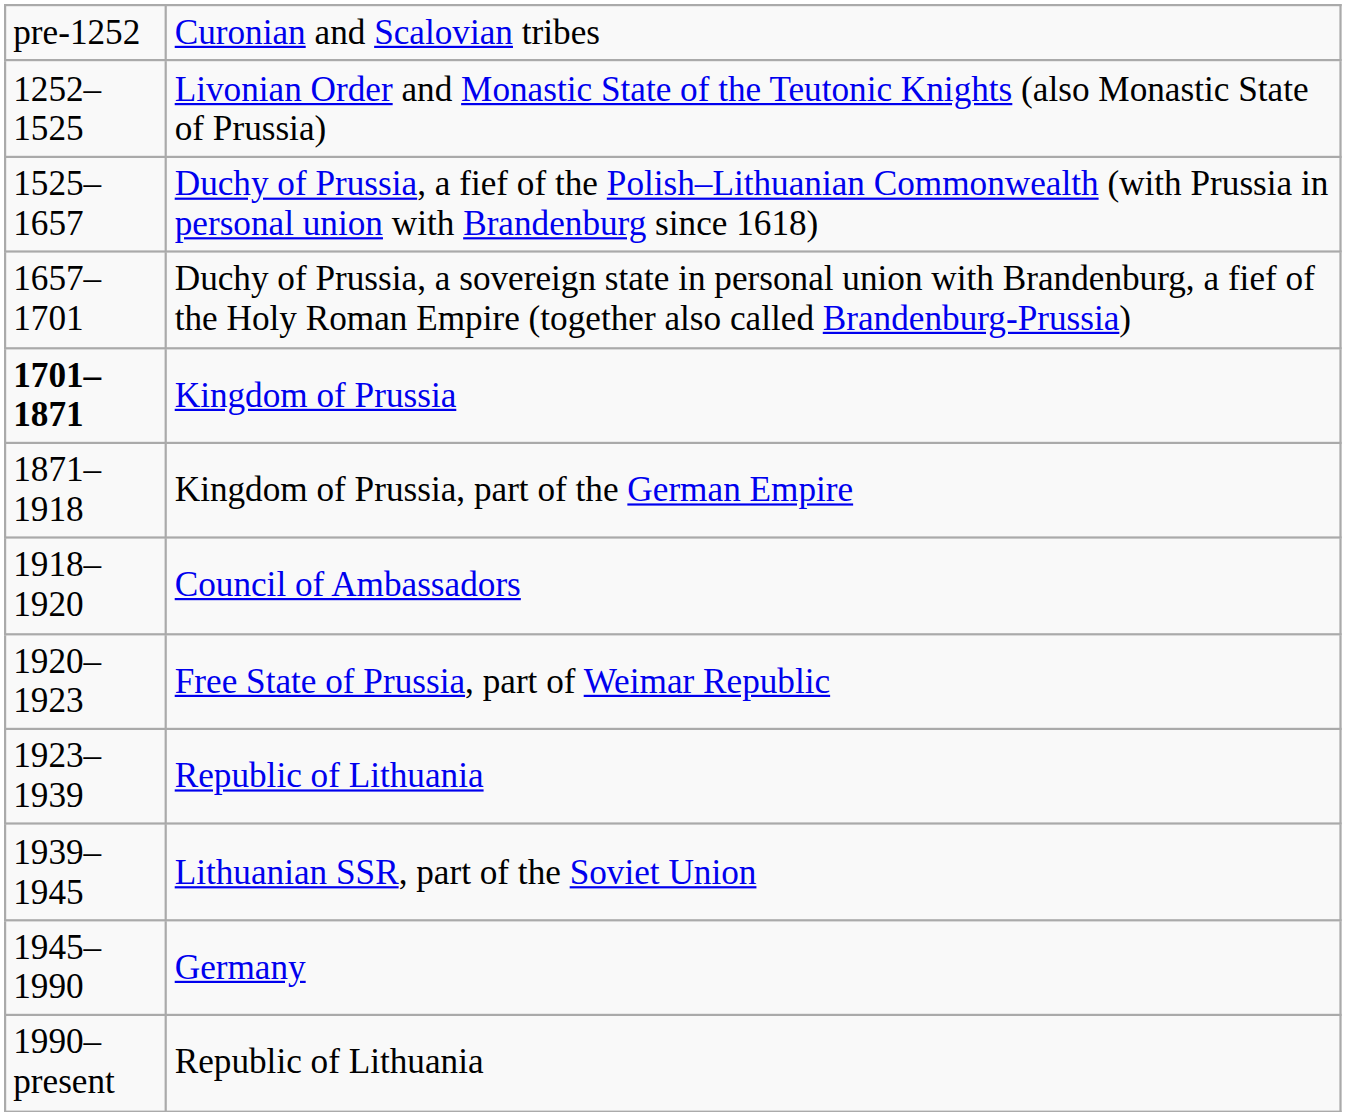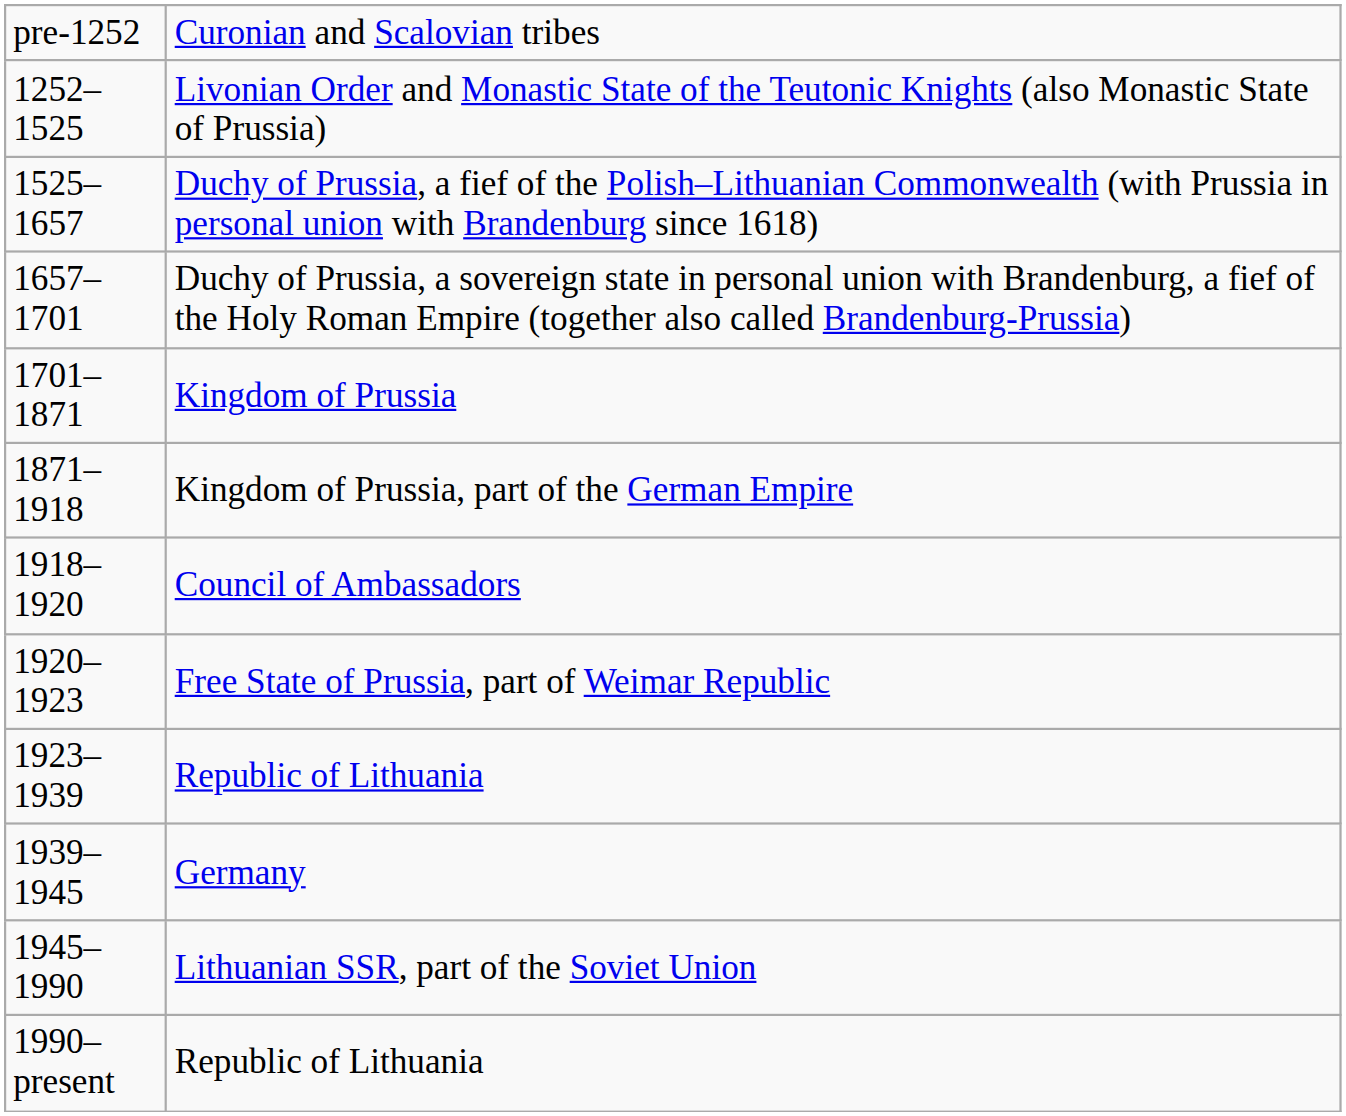 <table class="wikitable">
 <tr>
 <td>pre-1252</td>
 <td><a href='#'>Curonian</a> and <a href='#'>Scalovian</a> tribes</td>
 </tr>
 <tr>
 <td>1252–1525</td>
 <td><a href='#'>Livonian Order</a> and <a href='#'>Monastic State of the Teutonic Knights</a> (also Monastic State of Prussia)</td>
 </tr>
 <tr>
 <td>1525–1657</td>
 <td><a href='#'>Duchy of Prussia</a>, a fief of the <a href='#'>Polish–Lithuanian Commonwealth</a> (with Prussia in <a href='#'>personal union</a> with <a href='#'>Brandenburg</a> since 1618)</td>
 </tr>
 <tr>
 <td>1657–1701</td>
 <td>Duchy of Prussia, a sovereign state in personal union with Brandenburg, a fief of the Holy Roman Empire (together also called <a href='#'>Brandenburg-Prussia</a>)</td>
 </tr>
 <tr>
-<td><strong>1701–1871</strong></td>
+<td>1701–1871</td>
 <td><a href='#'>Kingdom of Prussia</a></td>
 </tr>
 <tr>
 <td>1871–1918</td>
 <td>Kingdom of Prussia, part of the <a href='#'>German Empire</a></td>
 </tr>
 <tr>
 <td>1918–1920</td>
 <td><a href='#'>Council of Ambassadors</a></td>
 </tr>
 <tr>
 <td>1920–1923</td>
 <td><a href='#'>Free State of Prussia</a>, part of <a href='#'>Weimar Republic</a></td>
 </tr>
 <tr>
 <td>1923–1939</td>
 <td><a href='#'>Republic of Lithuania</a></td>
 </tr>
 <tr>
 <td>1939–1945</td>
-<td><a href='#'>Lithuanian SSR</a>, part of the <a href='#'>Soviet Union</a></td>
+<td><a href='#'>Germany</a></td>
 </tr>
 <tr>
 <td>1945–1990</td>
-<td><a href='#'>Germany</a></td>
+<td><a href='#'>Lithuanian SSR</a>, part of the <a href='#'>Soviet Union</a></td>
 </tr>
 <tr>
 <td>1990–present</td>
 <td>Republic of Lithuania</td>
 </tr>
 </table>
